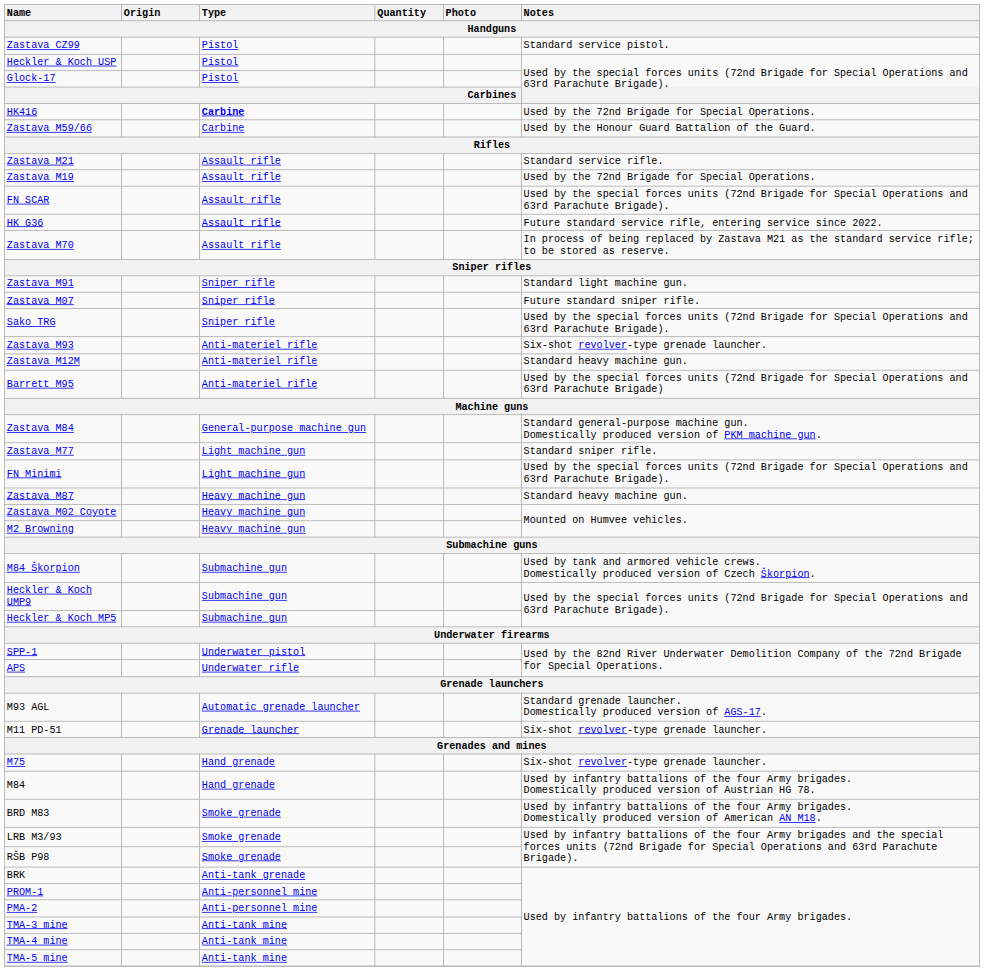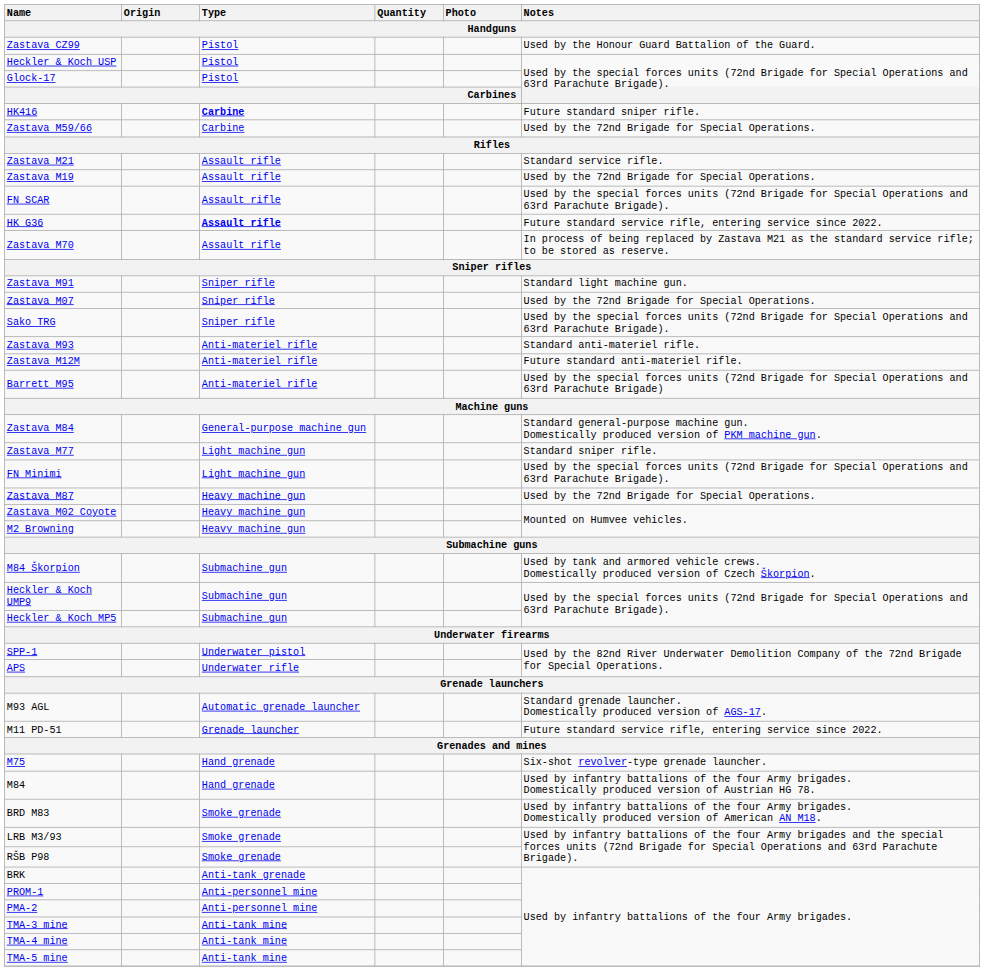 <table class="wikitable">
 <tr>
 <th style="text-align: left; width:12%;">Name</th>
 <th style="text-align: left; width:8%;">Origin</th>
 <th style="text-align: left; width:18%;">Type</th>
 <th style="text-align: left; width:7%;">Quantity</th>
 <th style="text-align: left;width:8%;">Photo</th>
 <th style="text-align: left;width:47%;">Notes</th>
 </tr>
 <tr>
 <th style="align: center;" colspan="7">Handguns</th>
 </tr>
 <tr>
 <td><a href='#'>Zastava CZ99</a></td>
 <td> </td>
 <td><a href='#'>Pistol</a></td>
 <td></td>
 <td></td>
-<td>Standard service pistol.</td>
+<td>Used by the Honour Guard Battalion of the Guard.</td>
 </tr>
 <tr>
 <td><a href='#'>Heckler & Koch USP</a></td>
 <td></td>
 <td><a href='#'>Pistol</a></td>
 <td></td>
 <td></td>
 <td rowspan="3">Used by the special forces units (72nd Brigade for Special Operations and 63rd Parachute Brigade).</td>
 </tr>
 <tr>
 <td><a href='#'>Glock-17</a></td>
 <td></td>
 <td><a href='#'>Pistol</a></td>
 <td></td>
 <td></td>
 </tr>
 <tr>
 <th style="align: center;" colspan="7">Carbines</th>
 </tr>
 <tr>
 <td><a href='#'>HK416</a></td>
 <td></td>
 <td><strong><a href='#'>Carbine</a></strong></td>
 <td></td>
 <td></td>
-<td>Used by the 72nd Brigade for Special Operations.</td>
+<td>Future standard sniper rifle.</td>
 </tr>
 <tr>
 <td><a href='#'>Zastava M59/66</a></td>
 <td></td>
 <td><a href='#'>Carbine</a></td>
 <td></td>
 <td></td>
-<td>Used by the Honour Guard Battalion of the Guard.</td>
+<td>Used by the 72nd Brigade for Special Operations.</td>
 </tr>
 <tr>
 <th style="align: center;" colspan="7">Rifles</th>
 </tr>
 <tr>
 <td><a href='#'>Zastava M21</a></td>
 <td></td>
 <td><a href='#'>Assault rifle</a></td>
 <td></td>
 <td></td>
 <td>Standard service rifle.</td>
 </tr>
 <tr>
 <td><a href='#'>Zastava M19</a></td>
 <td></td>
 <td><a href='#'>Assault rifle</a></td>
 <td></td>
 <td></td>
 <td>Used by the 72nd Brigade for Special Operations.</td>
 </tr>
 <tr>
 <td><a href='#'>FN SCAR</a></td>
 <td></td>
 <td><a href='#'>Assault rifle</a></td>
 <td></td>
 <td></td>
 <td>Used by the special forces units (72nd Brigade for Special Operations and 63rd Parachute Brigade).</td>
 </tr>
 <tr>
 <td><a href='#'>HK G36</a></td>
 <td></td>
-<td><a href='#'>Assault rifle</a></td>
+<td><strong><a href='#'>Assault rifle</a></strong></td>
 <td></td>
 <td></td>
 <td>Future standard service rifle, entering service since 2022.</td>
 </tr>
 <tr>
 <td><a href='#'>Zastava M70</a></td>
 <td></td>
 <td><a href='#'>Assault rifle</a></td>
 <td></td>
 <td></td>
 <td>In process of being replaced by Zastava M21 as the standard service rifle; to be stored as reserve.</td>
 </tr>
 <tr>
 <th colspan="7">Sniper rifles</th>
 </tr>
 <tr>
 <td><a href='#'>Zastava M91</a></td>
 <td></td>
 <td><a href='#'>Sniper rifle</a></td>
 <td></td>
 <td></td>
 <td>Standard light machine gun.</td>
 </tr>
 <tr>
 <td><a href='#'>Zastava M07</a></td>
 <td></td>
 <td><a href='#'>Sniper rifle</a></td>
 <td></td>
 <td></td>
-<td>Future standard sniper rifle.</td>
+<td>Used by the 72nd Brigade for Special Operations.</td>
 </tr>
 <tr>
 <td><a href='#'>Sako TRG</a></td>
 <td></td>
 <td><a href='#'>Sniper rifle</a></td>
 <td></td>
 <td></td>
 <td>Used by the special forces units (72nd Brigade for Special Operations and 63rd Parachute Brigade).</td>
 </tr>
 <tr>
 <td><a href='#'>Zastava M93</a></td>
 <td></td>
 <td><a href='#'>Anti-materiel rifle</a></td>
 <td></td>
 <td></td>
-<td>Six-shot <a href='#'>revolver</a>-type grenade launcher.</td>
+<td>Standard anti-materiel rifle.</td>
 </tr>
 <tr>
 <td><a href='#'>Zastava M12M</a></td>
 <td></td>
 <td><a href='#'>Anti-materiel rifle</a></td>
 <td></td>
 <td></td>
-<td>Standard heavy machine gun.</td>
+<td>Future standard anti-materiel rifle.</td>
 </tr>
 <tr>
 <td><a href='#'>Barrett M95</a></td>
 <td></td>
 <td><a href='#'>Anti-materiel rifle</a></td>
 <td></td>
 <td></td>
 <td>Used by the special forces units (72nd Brigade for Special Operations and 63rd Parachute Brigade)</td>
 </tr>
 <tr>
 <th style="align: center;" colspan="7">Machine guns</th>
 </tr>
 <tr>
 <td><a href='#'>Zastava M84</a></td>
 <td></td>
 <td><a href='#'>General-purpose machine gun</a></td>
 <td></td>
 <td></td>
 <td>Standard general-purpose machine gun.<br>Domestically produced version of <a href='#'>PKM machine gun</a>.</td>
 </tr>
 <tr>
 <td><a href='#'>Zastava M77</a></td>
 <td></td>
 <td><a href='#'>Light machine gun</a></td>
 <td></td>
 <td></td>
 <td>Standard sniper rifle.</td>
 </tr>
 <tr>
 <td><a href='#'>FN Minimi</a></td>
 <td></td>
 <td><a href='#'>Light machine gun</a></td>
 <td></td>
 <td></td>
 <td>Used by the special forces units (72nd Brigade for Special Operations and 63rd Parachute Brigade).</td>
 </tr>
 <tr>
 <td><a href='#'>Zastava M87</a></td>
 <td></td>
 <td><a href='#'>Heavy machine gun</a></td>
 <td></td>
 <td></td>
-<td>Standard heavy machine gun.</td>
+<td>Used by the 72nd Brigade for Special Operations.</td>
 </tr>
 <tr>
 <td><a href='#'>Zastava M02 Coyote</a></td>
 <td></td>
 <td><a href='#'>Heavy machine gun</a></td>
 <td></td>
 <td></td>
 <td rowspan="2">Mounted on Humvee vehicles.</td>
 </tr>
 <tr>
 <td><a href='#'>M2 Browning</a></td>
 <td></td>
 <td><a href='#'>Heavy machine gun</a></td>
 <td></td>
 <td></td>
 </tr>
 <tr>
 <th style="align: center;" colspan="7">Submachine guns</th>
 </tr>
 <tr>
 <td><a href='#'>M84 Škorpion</a></td>
 <td></td>
 <td><a href='#'>Submachine gun</a></td>
 <td></td>
 <td></td>
 <td>Used by tank and armored vehicle crews.<br>Domestically produced version of Czech <a href='#'>Škorpion</a>.</td>
 </tr>
 <tr>
 <td><a href='#'>Heckler & Koch UMP9</a></td>
 <td></td>
 <td><a href='#'>Submachine gun</a></td>
 <td></td>
 <td></td>
 <td rowspan="2">Used by the special forces units (72nd Brigade for Special Operations and 63rd Parachute Brigade).</td>
 </tr>
 <tr>
 <td><a href='#'>Heckler & Koch MP5</a></td>
 <td></td>
 <td><a href='#'>Submachine gun</a></td>
 <td></td>
 <td></td>
 </tr>
 <tr>
 <th style="align: center;" colspan="7">Underwater firearms</th>
 </tr>
 <tr>
 <td><a href='#'>SPP-1</a></td>
 <td></td>
 <td><a href='#'>Underwater pistol</a></td>
 <td></td>
 <td></td>
 <td rowspan="2">Used by the 82nd River Underwater Demolition Company of the 72nd Brigade for Special Operations.</td>
 </tr>
 <tr>
 <td><a href='#'>APS</a></td>
 <td></td>
 <td><a href='#'>Underwater rifle</a></td>
 <td></td>
 <td></td>
 </tr>
 <tr>
 <th style="align: center;" colspan="7">Grenade launchers</th>
 </tr>
 <tr>
 <td>M93 AGL</td>
 <td></td>
 <td><a href='#'>Automatic grenade launcher</a></td>
 <td></td>
 <td></td>
 <td>Standard grenade launcher.<br>Domestically produced version of <a href='#'>AGS-17</a>.</td>
 </tr>
 <tr>
 <td>M11 PD-51</td>
 <td></td>
 <td><a href='#'>Grenade launcher</a></td>
 <td></td>
 <td></td>
-<td>Six-shot <a href='#'>revolver</a>-type grenade launcher.</td>
+<td>Future standard service rifle, entering service since 2022.</td>
 </tr>
 <tr>
 <th style="align: center;" colspan="7">Grenades and mines</th>
 </tr>
 <tr>
 <td><a href='#'>M75</a></td>
 <td></td>
 <td><a href='#'>Hand grenade</a></td>
 <td></td>
 <td></td>
 <td>Six-shot <a href='#'>revolver</a>-type grenade launcher.</td>
 </tr>
 <tr>
 <td>M84</td>
 <td></td>
 <td><a href='#'>Hand grenade</a></td>
 <td></td>
 <td></td>
 <td>Used by infantry battalions of the four Army brigades.<br>Domestically produced version of Austrian HG 78.</td>
 </tr>
 <tr>
 <td>BRD M83</td>
 <td></td>
 <td><a href='#'>Smoke grenade</a></td>
 <td></td>
 <td></td>
 <td>Used by infantry battalions of the four Army brigades.<br>Domestically produced version of American <a href='#'>AN M18</a>.</td>
 </tr>
 <tr>
 <td>LRB M3/93</td>
 <td></td>
 <td><a href='#'>Smoke grenade</a></td>
 <td></td>
 <td></td>
 <td rowspan="2">Used by infantry battalions of the four Army brigades and the special forces units (72nd Brigade for Special Operations and 63rd Parachute Brigade).</td>
 </tr>
 <tr>
 <td>RŠB P98</td>
 <td></td>
 <td><a href='#'>Smoke grenade</a></td>
 <td></td>
 <td></td>
 </tr>
 <tr>
 <td>BRK</td>
 <td></td>
 <td><a href='#'>Anti-tank grenade</a></td>
 <td></td>
 <td></td>
 <td rowspan="6">Used by infantry battalions of the four Army brigades.</td>
 </tr>
 <tr>
 <td><a href='#'>PROM-1</a></td>
 <td></td>
 <td><a href='#'>Anti-personnel mine</a></td>
 <td></td>
 <td></td>
 </tr>
 <tr>
 <td><a href='#'>PMA-2</a></td>
 <td></td>
 <td><a href='#'>Anti-personnel mine</a></td>
 <td></td>
 <td></td>
 </tr>
 <tr>
 <td><a href='#'>TMA-3 mine</a></td>
 <td></td>
 <td><a href='#'>Anti-tank mine</a></td>
 <td></td>
 <td></td>
 </tr>
 <tr>
 <td><a href='#'>TMA-4 mine</a></td>
 <td></td>
 <td><a href='#'>Anti-tank mine</a></td>
 <td></td>
 <td></td>
 </tr>
 <tr>
 <td><a href='#'>TMA-5 mine</a></td>
 <td></td>
 <td><a href='#'>Anti-tank mine</a></td>
 <td></td>
 <td></td>
 </tr>
 <tr>
 </tr>
 </table>
